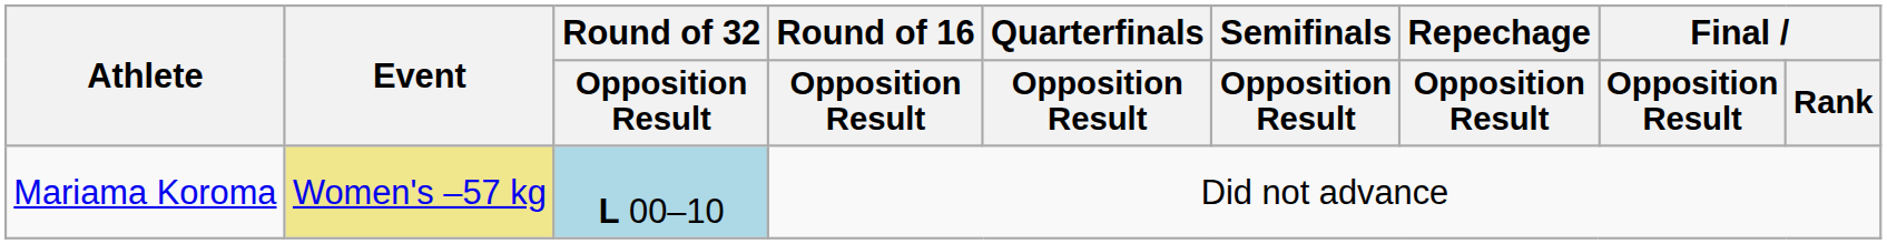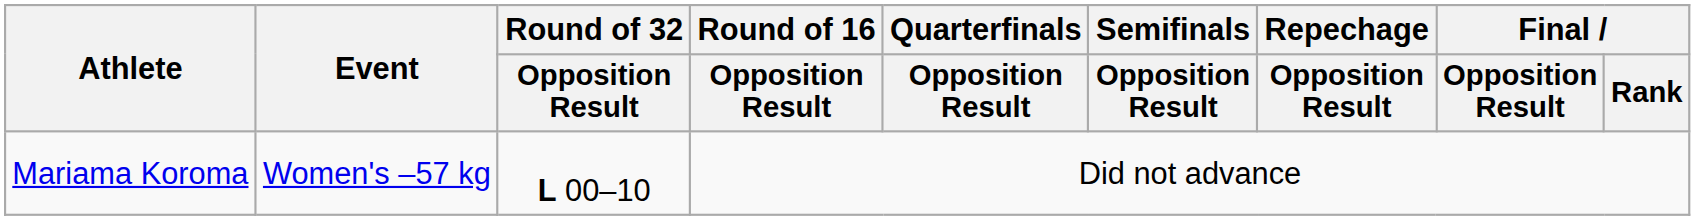 <table class="wikitable" style="font-size:90%">
 <tr>
 <th rowspan="2">Athlete</th>
 <th rowspan="2">Event</th>
 <th>Round of 32</th>
 <th>Round of 16</th>
 <th>Quarterfinals</th>
 <th>Semifinals</th>
 <th>Repechage</th>
 <th colspan=2>Final / </th>
 </tr>
 <tr style="font-size:95%">
 <th>Opposition<br>Result</th>
 <th>Opposition<br>Result</th>
 <th>Opposition<br>Result</th>
 <th>Opposition<br>Result</th>
 <th>Opposition<br>Result</th>
 <th>Opposition<br>Result</th>
 <th>Rank</th>
 </tr>
 <tr align=center>
 <td align=left><a href='#'>Mariama Koroma</a></td>
-<td align=left style="background: khaki;"><a href='#'>Women's –57 kg</a></td>
-<td style="background: lightblue;"><br><strong>L</strong> 00–10</td>
+<td align=left><a href='#'>Women's –57 kg</a></td>
+<td><br><strong>L</strong> 00–10</td>
 <td colspan=7>Did not advance</td>
 </tr>
 </table>
